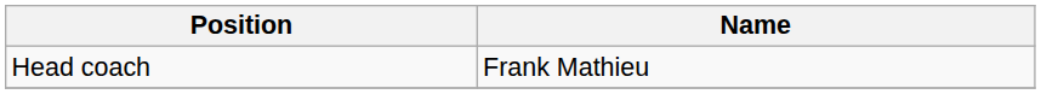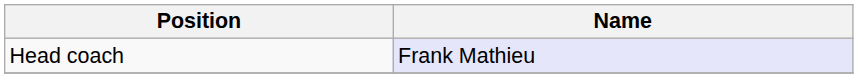 <table class="wikitable" width=40% style="text-align:left;font-size:100%;">
 <tr>
 <th>Position</th>
 <th>Name</th>
 </tr>
 <tr>
 <td>Head coach</td>
-<td> Frank Mathieu</td>
+<td style="background: lavender;"> Frank Mathieu</td>
 </tr>
 <tr>
 </tr>
 </table>
